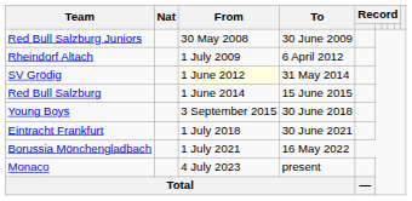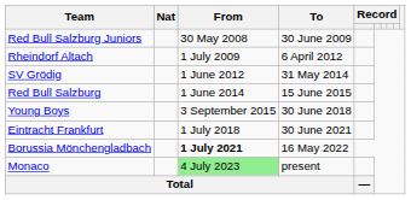 <table class="wikitable" style="text-align: center;">
 <tr>
 <th rowspan="2">Team</th>
 <th rowspan="2">Nat</th>
 <th rowspan="2">From</th>
 <th rowspan="2">To</th>
 <th colspan="5">Record</th>
 <th rowspan=2></th>
 </tr>
 <tr>
 <th></th>
 <th></th>
 <th></th>
 <th></th>
 <th></th>
 </tr>
 <tr>
 <td align=left><a href='#'>Red Bull Salzburg Juniors</a></td>
 <td></td>
 <td align=left>30 May 2008</td>
 <td align=left>30 June 2009<br></td>
 <td></td>
 </tr>
 <tr>
 <td align=left><a href='#'>Rheindorf Altach</a></td>
 <td></td>
 <td align=left>1 July 2009</td>
 <td align=left>6 April 2012<br></td>
 <td></td>
 </tr>
 <tr>
 <td align=left><a href='#'>SV Grödig</a></td>
 <td></td>
-<td align=left style="background: lightyellow;">1 June 2012</td>
+<td align=left>1 June 2012</td>
 <td align=left>31 May 2014<br></td>
 <td></td>
 </tr>
 <tr>
 <td align=left><a href='#'>Red Bull Salzburg</a></td>
 <td></td>
 <td align=left>1 June 2014</td>
 <td align=left>15 June 2015<br></td>
 <td></td>
 </tr>
 <tr>
 <td align=left><a href='#'>Young Boys</a></td>
 <td></td>
 <td align=left>3 September 2015</td>
 <td align=left>30 June 2018<br></td>
 <td></td>
 </tr>
 <tr>
 <td align=left><a href='#'>Eintracht Frankfurt</a></td>
 <td></td>
 <td align=left>1 July 2018</td>
 <td align=left>30 June 2021<br></td>
 <td></td>
 </tr>
 <tr>
 <td align=left><a href='#'>Borussia Mönchengladbach</a></td>
 <td></td>
-<td align=left>1 July 2021</td>
+<td align=left><strong>1 July 2021</strong></td>
 <td align=left>16 May 2022<br></td>
 </tr>
 <tr>
 <td align=left><a href='#'>Monaco</a></td>
 <td></td>
-<td align=left>4 July 2023</td>
+<td align=left style="background: lightgreen;">4 July 2023</td>
 <td align=left>present<br></td>
 <td></td>
 </tr>
 <tr>
 <th colspan="4">Total<br></th>
 <th>—</th>
 </tr>
 </table>
